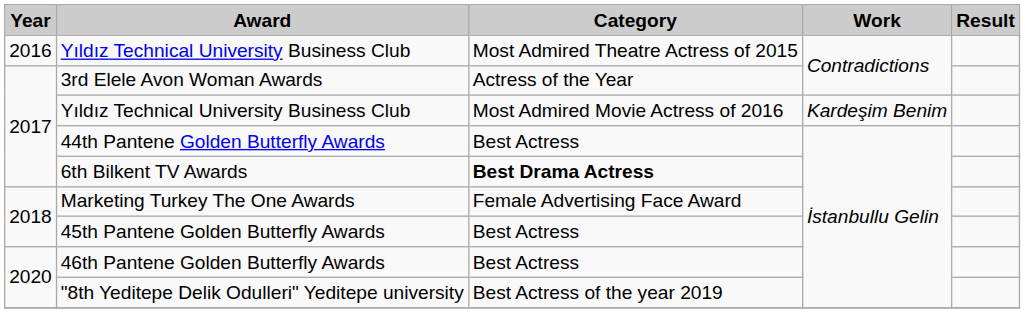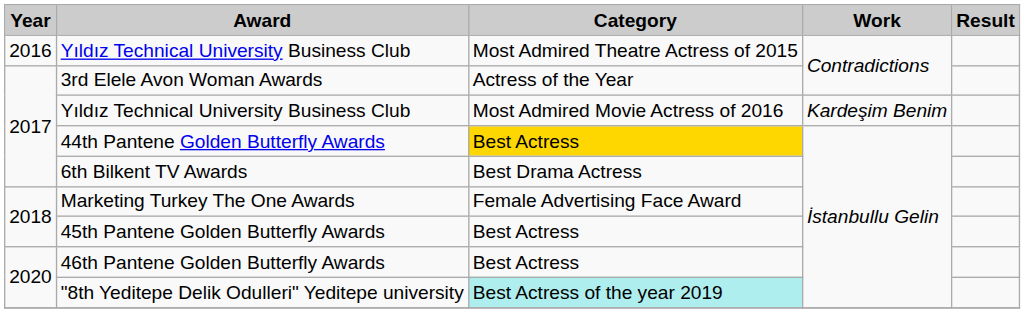 <table class="wikitable" style="font-size:90%">
 <tr>
 <th style="background:#CCCCCC">Year</th>
 <th style="background:#CCCCCC">Award</th>
 <th style="background:#CCCCCC">Category</th>
 <th style="background:#CCCCCC">Work</th>
 <th style="background:#CCCCCC">Result</th>
 </tr>
 <tr>
 <td>2016</td>
 <td><a href='#'>Yıldız Technical University</a> Business Club</td>
 <td>Most Admired Theatre Actress of 2015</td>
 <td rowspan=2><em>Contradictions</em></td>
 <td></td>
 </tr>
 <tr>
 <td rowspan=4>2017</td>
 <td>3rd Elele Avon Woman Awards</td>
 <td>Actress of the Year</td>
 <td></td>
 </tr>
 <tr>
 <td>Yıldız Technical University Business Club</td>
 <td>Most Admired Movie Actress of 2016</td>
 <td><em>Kardeşim Benim</em></td>
 <td></td>
 </tr>
 <tr>
 <td>44th Pantene <a href='#'>Golden Butterfly Awards</a></td>
-<td>Best Actress</td>
+<td style="background: gold;">Best Actress</td>
 <td rowspan=6><em>İstanbullu Gelin</em></td>
 <td></td>
 </tr>
 <tr>
 <td>6th Bilkent TV Awards</td>
-<td><strong>Best Drama Actress</strong></td>
+<td>Best Drama Actress</td>
 <td></td>
 </tr>
 <tr>
 <td rowspan=2>2018</td>
 <td>Marketing Turkey The One Awards</td>
 <td>Female Advertising Face Award</td>
 <td></td>
 </tr>
 <tr>
 <td>45th Pantene Golden Butterfly Awards</td>
 <td>Best Actress</td>
 <td></td>
 </tr>
 <tr>
 <td rowspan=2>2020</td>
 <td>46th Pantene Golden Butterfly Awards</td>
 <td>Best Actress</td>
 <td></td>
 </tr>
 <tr>
 <td>"8th Yeditepe Delik Odulleri" Yeditepe university</td>
-<td>Best Actress of the year 2019</td>
+<td style="background: paleturquoise;">Best Actress of the year 2019</td>
 <td></td>
 </tr>
 <tr>
 </tr>
 </table>
